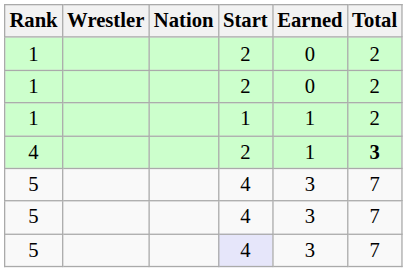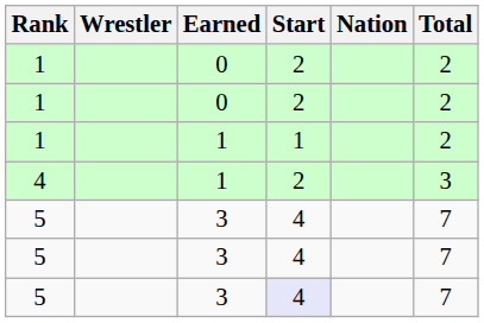 <table class="wikitable sortable" style="text-align:center;">
 <tr>
 <th>Rank</th>
 <th>Wrestler</th>
+<th>Earned</th>
+<th>Start</th>
 <th>Nation</th>
-<th>Start</th>
-<th>Earned</th>
 <th>Total</th>
 </tr>
 <tr style="background:#cfc;">
 <td>1</td>
 <td align=left></td>
+<td>0</td>
+<td>2</td>
 <td align=left></td>
-<td>2</td>
-<td>0</td>
 <td>2</td>
 </tr>
 <tr style="background:#cfc;">
 <td>1</td>
 <td align=left></td>
+<td>0</td>
+<td>2</td>
 <td align=left></td>
-<td>2</td>
-<td>0</td>
 <td>2</td>
 </tr>
 <tr style="background:#cfc;">
 <td>1</td>
 <td align=left></td>
-<td align=left></td>
 <td>1</td>
 <td>1</td>
+<td align=left></td>
 <td>2</td>
 </tr>
 <tr style="background:#cfc;">
 <td>4</td>
 <td align=left></td>
+<td>1</td>
+<td>2</td>
 <td align=left></td>
-<td>2</td>
-<td>1</td>
-<td><strong>3</strong></td>
+<td>3</td>
 </tr>
 <tr>
 <td>5</td>
 <td align=left></td>
+<td>3</td>
+<td>4</td>
 <td align=left></td>
-<td>4</td>
-<td>3</td>
 <td>7</td>
 </tr>
 <tr>
 <td>5</td>
 <td align=left></td>
+<td>3</td>
+<td>4</td>
 <td align=left></td>
-<td>4</td>
-<td>3</td>
 <td>7</td>
 </tr>
 <tr>
 <td>5</td>
 <td align=left></td>
+<td>3</td>
+<td style="background: lavender;">4</td>
 <td align=left></td>
-<td style="background: lavender;">4</td>
-<td>3</td>
 <td>7</td>
 </tr>
 </table>
